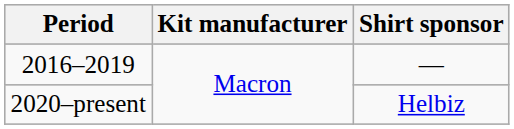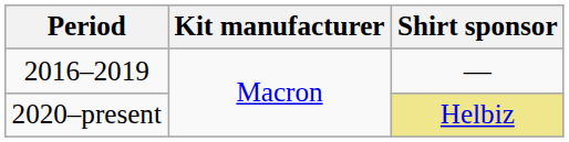 <table class="wikitable" style="text-align: center">
 <tr>
 <th>Period</th>
 <th>Kit manufacturer</th>
 <th>Shirt sponsor</th>
 </tr>
 <tr>
 <td>2016–2019</td>
 <td rowspan="2"> <a href='#'>Macron</a></td>
 <td>—</td>
 </tr>
 <tr>
 <td>2020–present</td>
-<td><a href='#'>Helbiz</a></td>
+<td style="background: khaki;"><a href='#'>Helbiz</a></td>
 </tr>
 </table>
